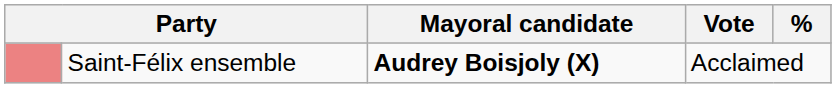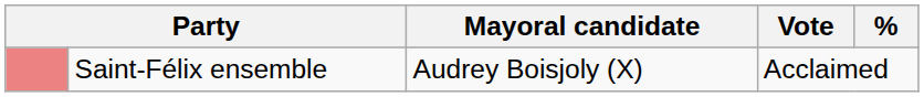 <table class="wikitable">
 <tr>
 <th bgcolor="#DDDDFF" width="230px" colspan="2">Party</th>
 <th bgcolor="#DDDDFF" width="200px">Mayoral candidate</th>
 <th bgcolor="#DDDDFF" width="50px">Vote</th>
 <th bgcolor="#DDDDFF" width="30px">%</th>
 </tr>
 <tr>
 <td bgcolor=#ec8282 width="30px"> </td>
 <td>Saint-Félix ensemble</td>
-<td><strong>Audrey Boisjoly (X)</strong></td>
+<td>Audrey Boisjoly (X)</td>
 <td colspan="2">Acclaimed</td>
 </tr>
 </table>
